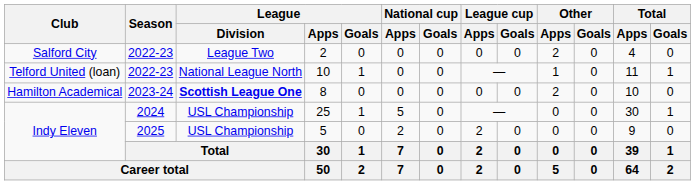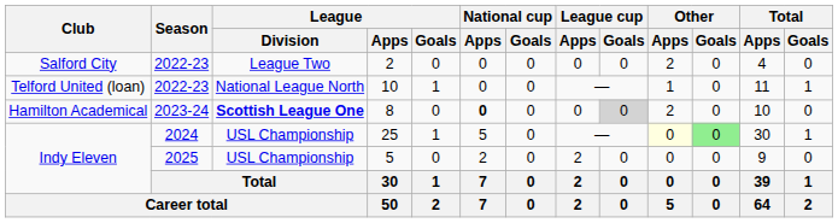 <table class="wikitable" style="text-align:center">
 <tr>
 <th rowspan="2">Club</th>
 <th rowspan="2">Season</th>
 <th colspan="3">League</th>
 <th colspan="2">National cup</th>
 <th colspan="2">League cup</th>
 <th colspan="2">Other</th>
 <th colspan="2">Total</th>
 </tr>
 <tr>
 <th>Division</th>
 <th>Apps</th>
 <th>Goals</th>
 <th>Apps</th>
 <th>Goals</th>
 <th>Apps</th>
 <th>Goals</th>
 <th>Apps</th>
 <th>Goals</th>
 <th>Apps</th>
 <th>Goals</th>
 </tr>
 <tr>
 <td><a href='#'>Salford City</a></td>
 <td><a href='#'>2022-23</a></td>
 <td><a href='#'>League Two</a></td>
 <td>2</td>
 <td>0</td>
 <td>0</td>
 <td>0</td>
 <td>0</td>
 <td>0</td>
 <td>2</td>
 <td>0</td>
 <td>4</td>
 <td>0</td>
 </tr>
 <tr>
 <td><a href='#'>Telford United</a> (loan)</td>
 <td><a href='#'>2022-23</a></td>
 <td><a href='#'>National League North</a></td>
 <td>10</td>
 <td>1</td>
 <td>0</td>
 <td>0</td>
 <td colspan="2">—</td>
 <td>1</td>
 <td>0</td>
 <td>11</td>
 <td>1</td>
 </tr>
 <tr>
 <td><a href='#'>Hamilton Academical</a></td>
 <td><a href='#'>2023-24</a></td>
 <td><strong><a href='#'>Scottish League One</a></strong></td>
 <td>8</td>
 <td>0</td>
+<td><strong>0</strong></td>
 <td>0</td>
 <td>0</td>
-<td>0</td>
-<td>0</td>
+<td style="background: lightgrey;">0</td>
 <td>2</td>
 <td>0</td>
 <td>10</td>
 <td>0</td>
 </tr>
 <tr>
 <td rowspan="3"><a href='#'>Indy Eleven</a></td>
 <td><a href='#'>2024</a></td>
 <td><a href='#'>USL Championship</a></td>
 <td>25</td>
 <td>1</td>
 <td>5</td>
 <td>0</td>
 <td colspan="2">—</td>
-<td>0</td>
-<td>0</td>
+<td style="background: lightyellow;">0</td>
+<td style="background: lightgreen;">0</td>
 <td>30</td>
 <td>1</td>
 </tr>
 <tr>
 <td><a href='#'>2025</a></td>
 <td><a href='#'>USL Championship</a></td>
 <td>5</td>
 <td>0</td>
 <td>2</td>
 <td>0</td>
 <td>2</td>
 <td>0</td>
 <td>0</td>
 <td>0</td>
 <td>9</td>
 <td>0</td>
 </tr>
 <tr>
 <th colspan="2">Total</th>
 <th>30</th>
 <th>1</th>
 <th>7</th>
 <th>0</th>
 <th>2</th>
 <th>0</th>
 <th>0</th>
 <th>0</th>
 <th>39</th>
 <th>1</th>
 </tr>
 <tr>
 <th colspan="3">Career total</th>
 <th>50</th>
 <th>2</th>
 <th>7</th>
 <th>0</th>
 <th>2</th>
 <th>0</th>
 <th>5</th>
 <th>0</th>
 <th>64</th>
 <th>2</th>
 </tr>
 </table>
